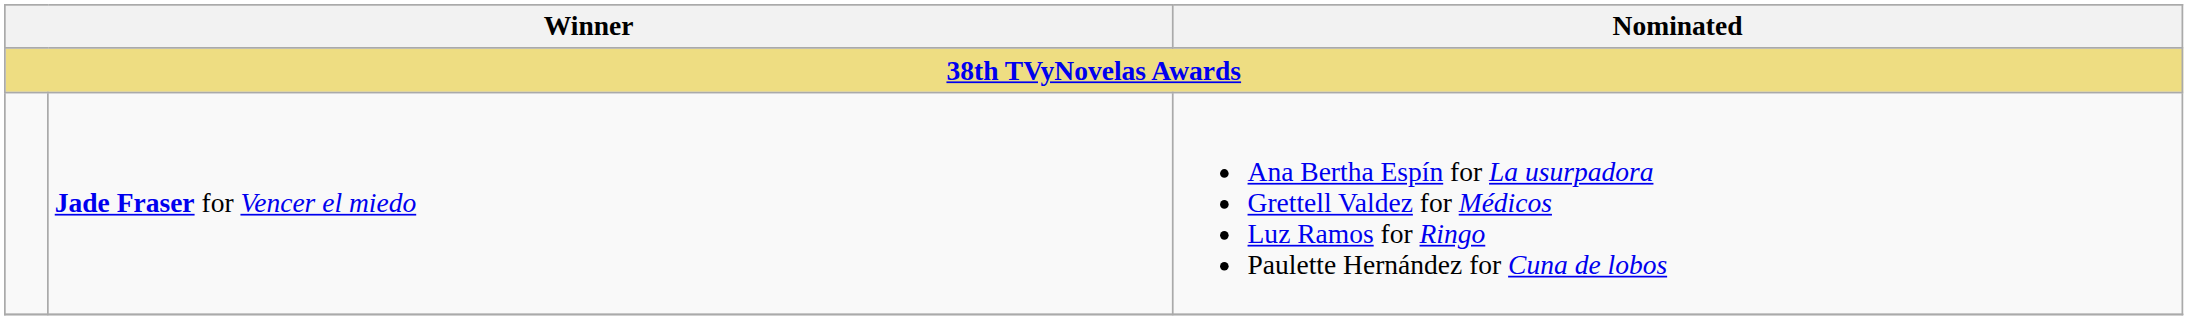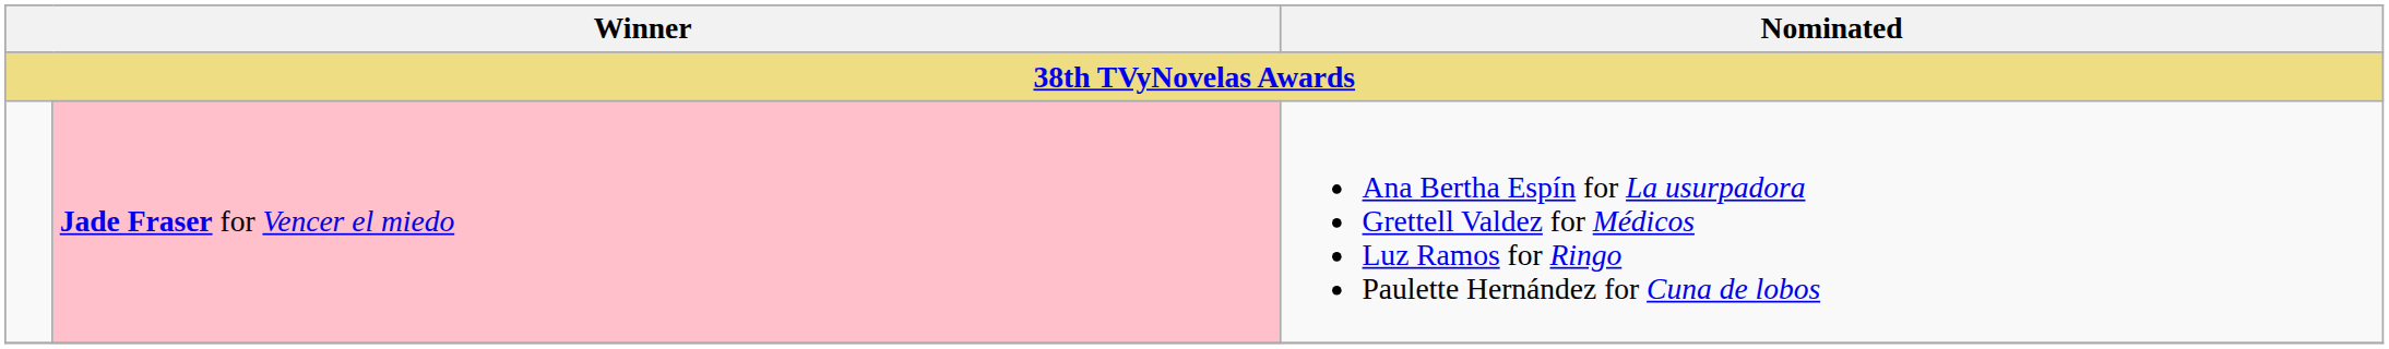 <table class="wikitable" width=80%>
 <tr align=center>
 <th width="150px;" colspan=2; align="center">Winner</th>
 <th width="580px;" align="center">Nominated</th>
 </tr>
 <tr>
 <th colspan=9 style="background:#EEDD82;"  align="center"><strong><a href='#'>38th TVyNovelas Awards</a></strong></th>
 </tr>
 <tr>
 <td width=2%></td>
-<td><strong><a href='#'>Jade Fraser</a></strong> for <em><a href='#'>Vencer el miedo</a></em></td>
+<td style="background: pink;"><strong><a href='#'>Jade Fraser</a></strong> for <em><a href='#'>Vencer el miedo</a></em></td>
 <td><br><ul><li><a href='#'>Ana Bertha Espín</a> for <em><a href='#'>La usurpadora</a></em></li><li><a href='#'>Grettell Valdez</a> for <em><a href='#'>Médicos</a></em></li><li><a href='#'>Luz Ramos</a> for <em><a href='#'>Ringo</a></em></li><li>Paulette Hernández for <em><a href='#'>Cuna de lobos</a></em></li></ul></td>
 </tr>
 <tr>
 </tr>
 </table>
